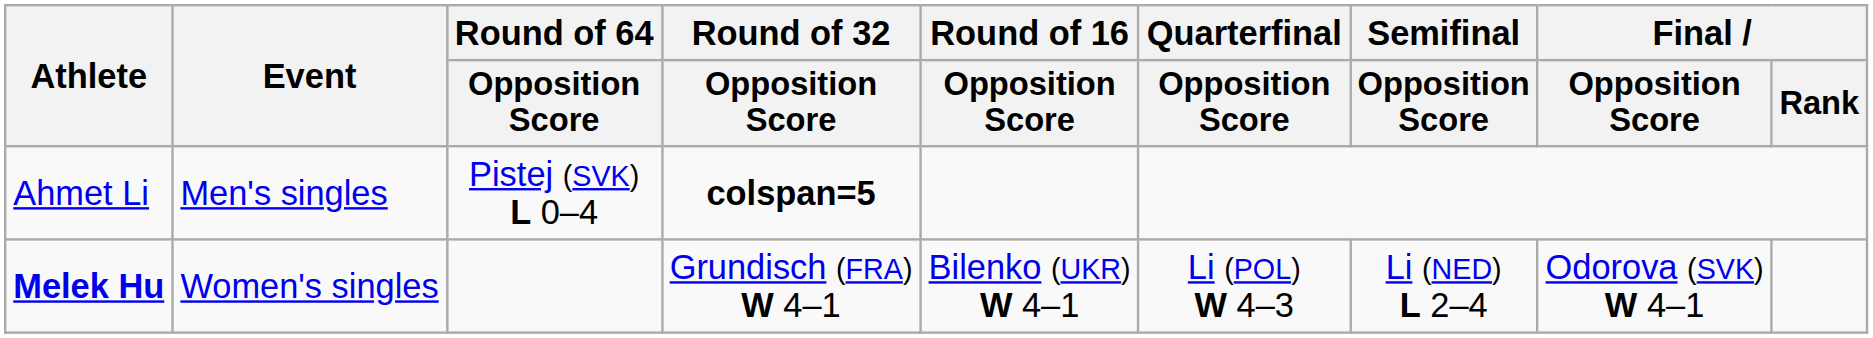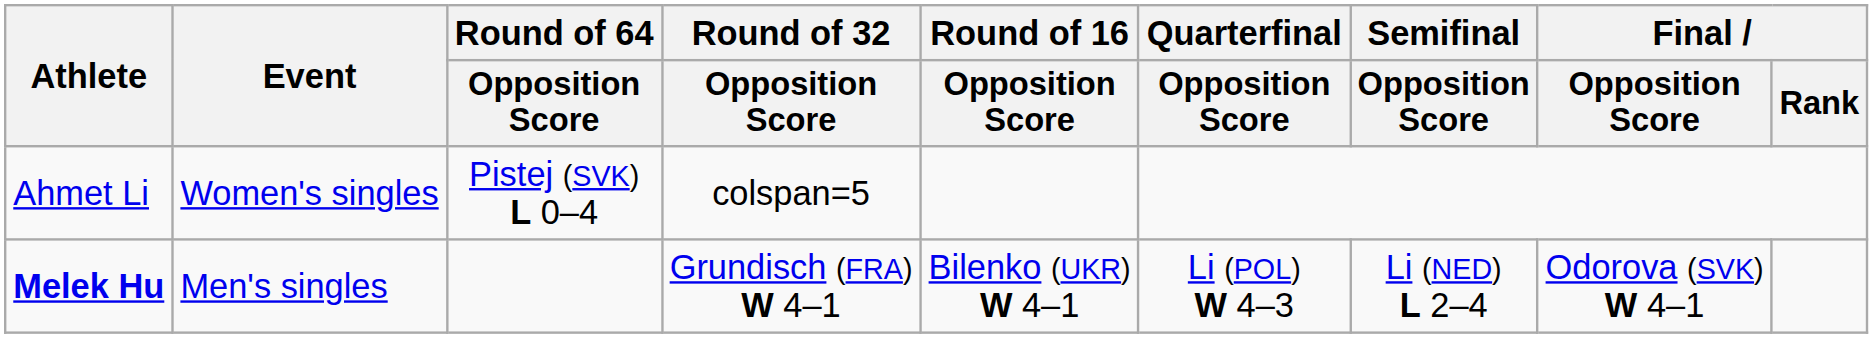 <table class=wikitable style="font-size:90%">
 <tr>
 <th rowspan=2>Athlete</th>
 <th rowspan=2>Event</th>
 <th>Round of 64</th>
 <th>Round of 32</th>
 <th>Round of 16</th>
 <th>Quarterfinal</th>
 <th>Semifinal</th>
 <th colspan=2>Final / </th>
 </tr>
 <tr style="font-size:95%">
 <th>Opposition<br>Score</th>
 <th>Opposition<br>Score</th>
 <th>Opposition<br>Score</th>
 <th>Opposition<br>Score</th>
 <th>Opposition<br>Score</th>
 <th>Opposition<br>Score</th>
 <th>Rank</th>
 </tr>
 <tr align=center>
 <td align=left><a href='#'>Ahmet Li</a></td>
-<td align=left><a href='#'>Men's singles</a></td>
+<td align=left><a href='#'>Women's singles</a></td>
 <td> <a href='#'>Pistej</a> <small>(<a href='#'>SVK</a>)</small> <br><strong>L</strong> 0–4</td>
-<td><strong>colspan=5 </strong></td>
+<td>colspan=5 </td>
 <td></td>
 </tr>
 <tr align=center>
 <td align=left><strong><a href='#'>Melek Hu</a></strong></td>
-<td align=left><a href='#'>Women's singles</a></td>
+<td align=left><a href='#'>Men's singles</a></td>
 <td></td>
 <td> <a href='#'>Grundisch</a> <small>(<a href='#'>FRA</a>)</small> <br><strong>W</strong> 4–1</td>
 <td> <a href='#'>Bilenko</a> <small>(<a href='#'>UKR</a>)</small> <br><strong>W</strong> 4–1</td>
 <td> <a href='#'>Li</a> <small>(<a href='#'>POL</a>)</small> <br><strong>W</strong> 4–3</td>
 <td> <a href='#'>Li</a> <small>(<a href='#'>NED</a>)</small> <br><strong>L</strong> 2–4</td>
 <td> <a href='#'>Odorova</a> <small>(<a href='#'>SVK</a>)</small> <br><strong>W</strong> 4–1</td>
 <td></td>
 </tr>
 </table>
